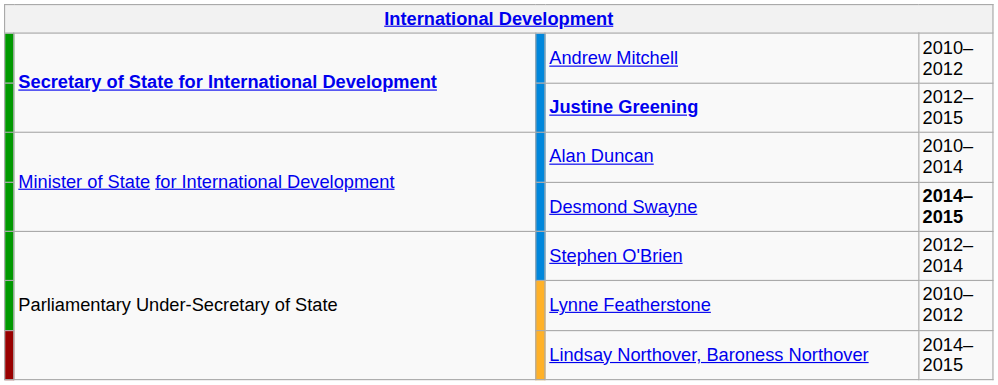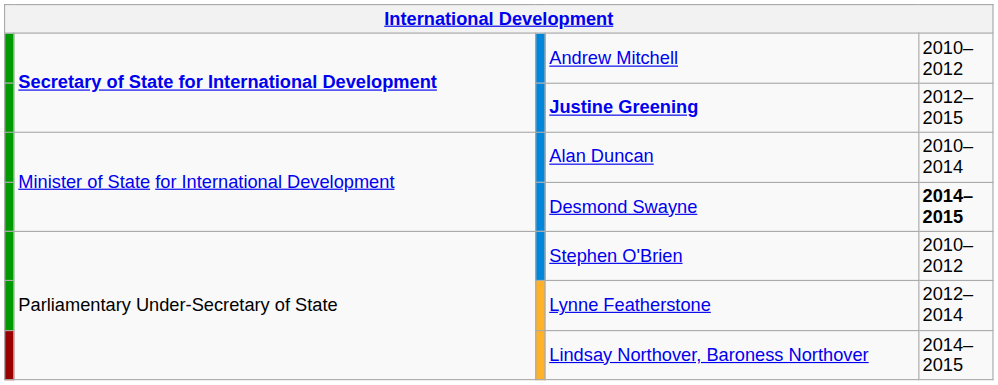 <table class="wikitable">
 <tr>
 <th colspan=5><a href='#'>International Development</a></th>
 </tr>
 <tr>
 <td style="width:1px;; background:#090;"></td>
 <td style="width:450px;" rowspan="2"><strong><a href='#'>Secretary of State for International Development</a></strong></td>
 <td style="width:1px;; background:#0087dc;"></td>
 <td width=320><a href='#'>Andrew Mitchell</a></td>
 <td>2010–2012</td>
 </tr>
 <tr>
 <td style="width:1px;; background:#090;"></td>
 <td style="width:1px;; background:#0087dc;"></td>
 <td><strong><a href='#'>Justine Greening</a></strong></td>
 <td>2012–2015</td>
 </tr>
 <tr>
 <td style="width:1px;; background:#090;"></td>
 <td style="width:450px;" rowspan="2"><a href='#'>Minister of State</a> <a href='#'>for International Development</a></td>
 <td style="width:1px;; background:#0087dc;"></td>
 <td><a href='#'>Alan Duncan</a></td>
 <td>2010–2014</td>
 </tr>
 <tr>
 <td style="width:1px;; background:#090;"></td>
 <td style="width:1px;; background:#0087dc;"></td>
 <td><a href='#'>Desmond Swayne</a></td>
 <td><strong>2014–2015</strong></td>
 </tr>
 <tr>
 <td style="width:1px;; background:#090;"></td>
 <td style="width:450px;" rowspan="3">Parliamentary Under-Secretary of State</td>
 <td style="width:1px;; background:#0087dc;"></td>
 <td><a href='#'>Stephen O'Brien</a></td>
-<td>2012–2014</td>
+<td>2010–2012</td>
 </tr>
 <tr>
 <td style="width:1px;; background:#090;"></td>
 <td style="width:1px;; background:#FFB128;"></td>
 <td><a href='#'>Lynne Featherstone</a></td>
-<td>2010–2012</td>
+<td>2012–2014</td>
 </tr>
 <tr>
 <td style="width:1px;; background:#900;"></td>
 <td style="width:1px;; background:#FFB128;"></td>
 <td><a href='#'>Lindsay Northover, Baroness Northover</a></td>
 <td>2014–2015</td>
 </tr>
 </table>
